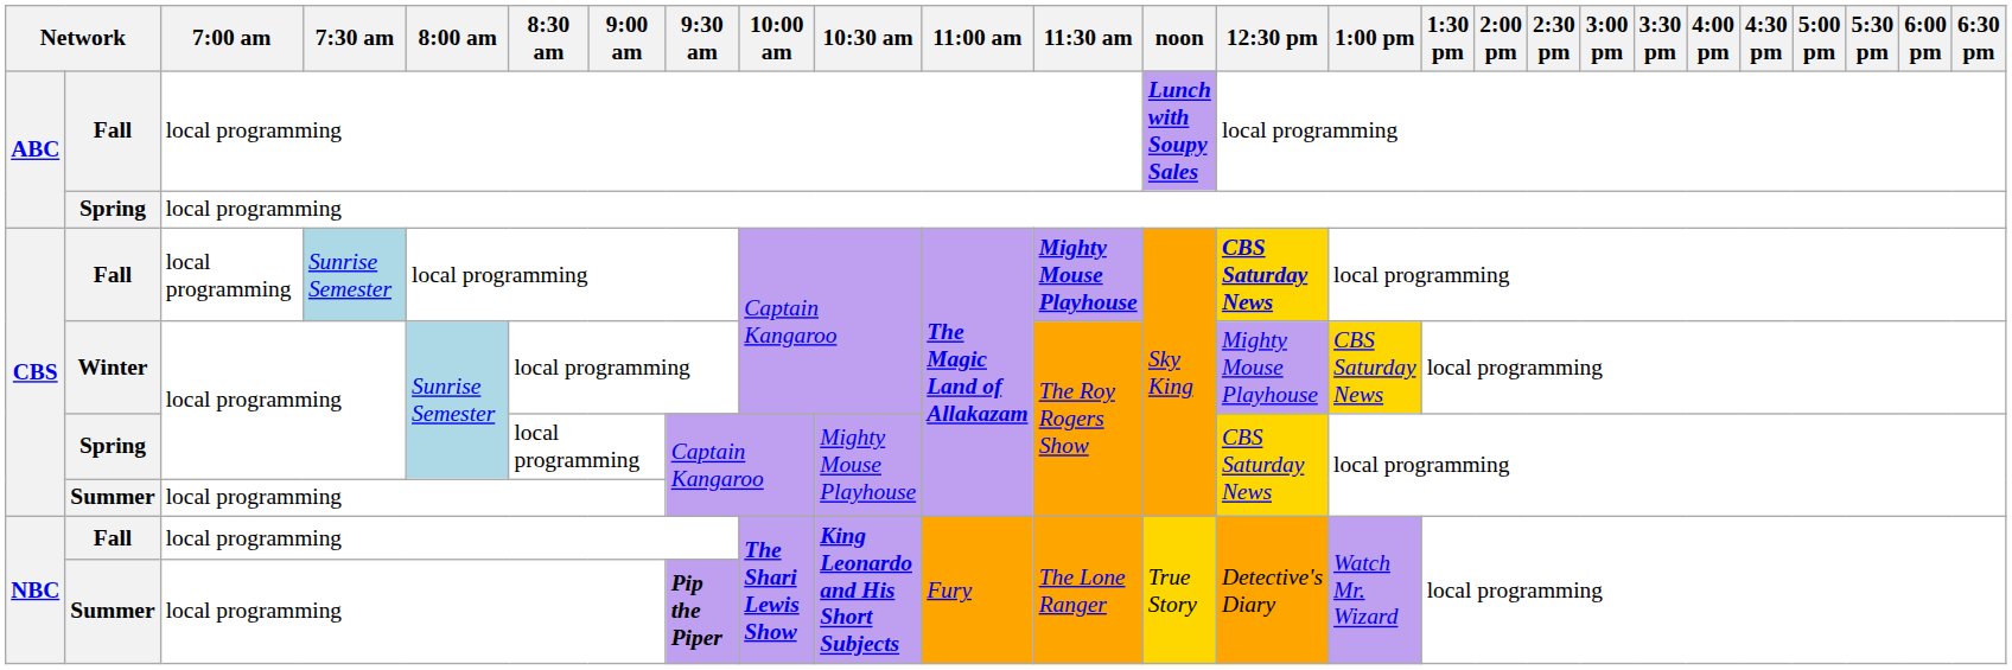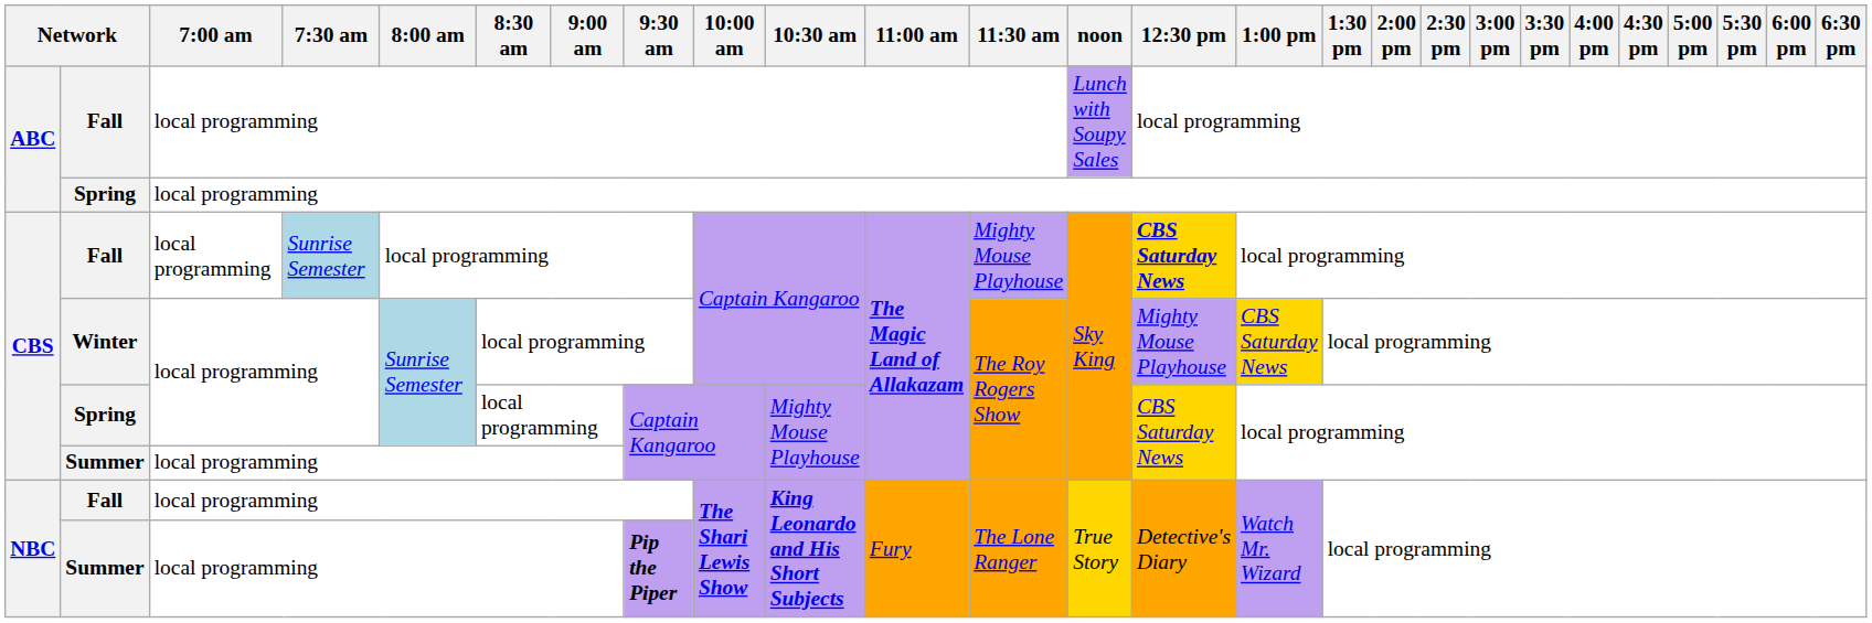 <table class=wikitable style="font-size:90%">
 <tr>
 <th width="1.5%" bgcolor="#C0C0C0" colspan="2">Network</th>
 <th width="13%" bgcolor="#C0C0C0">7:00 am</th>
 <th width="14%" bgcolor="#C0C0C0">7:30 am</th>
 <th width="13%" bgcolor="#C0C0C0">8:00 am</th>
 <th width="14%" bgcolor="#C0C0C0">8:30 am</th>
 <th width="13%" bgcolor="#C0C0C0">9:00 am</th>
 <th width="14%" bgcolor="#C0C0C0">9:30 am</th>
 <th width="13%" bgcolor="#C0C0C0">10:00 am</th>
 <th width="14%" bgcolor="#C0C0C0">10:30 am</th>
 <th width="13%" bgcolor="#C0C0C0">11:00 am</th>
 <th width="14%" bgcolor="#C0C0C0">11:30 am</th>
 <th width="13%" bgcolor="#C0C0C0">noon</th>
 <th width="14%" bgcolor="#C0C0C0">12:30 pm</th>
 <th width="13%" bgcolor="#C0C0C0">1:00 pm</th>
 <th width="14%" bgcolor="#C0C0C0">1:30 pm</th>
 <th width="13%" bgcolor="#C0C0C0">2:00 pm</th>
 <th width="14%" bgcolor="#C0C0C0">2:30 pm</th>
 <th width="13%" bgcolor="#C0C0C0">3:00 pm</th>
 <th width="14%" bgcolor="#C0C0C0">3:30 pm</th>
 <th width="13%" bgcolor="#C0C0C0">4:00 pm</th>
 <th width="14%" bgcolor="#C0C0C0">4:30 pm</th>
 <th width="13%" bgcolor="#C0C0C0">5:00 pm</th>
 <th width="14%" bgcolor="#C0C0C0">5:30 pm</th>
 <th width="13%" bgcolor="#C0C0C0">6:00 pm</th>
 <th width="14%" bgcolor="#C0C0C0">6:30 pm</th>
 </tr>
 <tr>
 <th bgcolor="#C0C0C0" rowspan=2><a href='#'>ABC</a></th>
 <th bgcolor=#C0C0C0>Fall</th>
 <td bgcolor="white" colspan="10">local programming</td>
-<td bgcolor="bf9fef"><strong><em><a href='#'>Lunch with Soupy Sales</a></em></strong></td>
+<td bgcolor="bf9fef"><em><a href='#'>Lunch with Soupy Sales</a></em></td>
 <td bgcolor="white" colspan=13>local programming</td>
 </tr>
 <tr>
 <th bgcolor=#C0C0C0>Spring</th>
 <td bgcolor="white" colspan=24>local programming</td>
 </tr>
 <tr>
 <th bgcolor="#C0C0C0" rowspan=4><a href='#'>CBS</a></th>
 <th bgcolor=#C0C0C0>Fall</th>
 <td bgcolor="white">local programming</td>
 <td bgcolor="lightblue"><em><a href='#'>Sunrise Semester</a></em></td>
 <td bgcolor="white" colspan="4">local programming</td>
 <td bgcolor="bf9fef" colspan="2" rowspan=2><em><a href='#'>Captain Kangaroo</a></em></td>
 <td bgcolor="bf9fef" colspan="1" rowspan=4><strong><em><a href='#'>The Magic Land of Allakazam</a></em></strong></td>
-<td bgcolor="bf9fef"><strong><em><a href='#'>Mighty Mouse Playhouse</a></em></strong></td>
+<td bgcolor="bf9fef"><em><a href='#'>Mighty Mouse Playhouse</a></em></td>
 <td bgcolor="orange" rowspan=4><em><a href='#'>Sky King</a></em> </td>
 <td bgcolor="gold"><strong><em><a href='#'>CBS Saturday News</a></em></strong></td>
 <td bgcolor="white" colspan=12>local programming</td>
 </tr>
 <tr>
 <th bgcolor=#C0C0C0>Winter</th>
 <td bgcolor="white" colspan="2" rowspan=2>local programming</td>
 <td bgcolor="lightblue" rowspan=2><em><a href='#'>Sunrise Semester</a></em></td>
 <td bgcolor="white" colspan="3">local programming</td>
 <td bgcolor="orange" rowspan=3><em><a href='#'>The Roy Rogers Show</a></em> </td>
 <td bgcolor="bf9fef"><em><a href='#'>Mighty Mouse Playhouse</a></em></td>
 <td bgcolor="gold"><em><a href='#'>CBS Saturday News</a></em></td>
 <td bgcolor="white" colspan=11>local programming</td>
 </tr>
 <tr>
 <th bgcolor=#C0C0C0>Spring</th>
 <td bgcolor="white" colspan="2">local programming</td>
 <td bgcolor="bf9fef" colspan="2" rowspan=2><em><a href='#'>Captain Kangaroo</a></em></td>
 <td bgcolor="bf9fef" rowspan=2><em><a href='#'>Mighty Mouse Playhouse</a></em></td>
 <td bgcolor="gold" rowspan=2><em><a href='#'>CBS Saturday News</a></em></td>
 <td bgcolor="white" colspan=13 rowspan=2>local programming</td>
 </tr>
 <tr>
 <th bgcolor=#C0C0C0>Summer</th>
 <td bgcolor="white" colspan=5>local programming</td>
 </tr>
 <tr>
 <th bgcolor="#C0C0C0" rowspan=2><a href='#'>NBC</a></th>
 <th bgcolor=#C0C0C0>Fall</th>
 <td bgcolor="white" colspan="6">local programming</td>
 <td bgcolor="bf9fef" rowspan=2><strong><em><a href='#'>The Shari Lewis Show</a></em></strong></td>
 <td bgcolor="bf9fef" rowspan=2><strong><em><a href='#'>King Leonardo and His Short Subjects</a></em></strong></td>
 <td bgcolor="orange" rowspan=2><em><a href='#'>Fury</a></em> </td>
 <td bgcolor="orange" rowspan=2><em><a href='#'>The Lone Ranger</a></em> </td>
 <td bgcolor="gold" rowspan=2><em>True Story</em></td>
 <td bgcolor="orange" rowspan=2><em>Detective's Diary</em> </td>
 <td bgcolor="bf9fef" rowspan=2><em><a href='#'>Watch Mr. Wizard</a></em></td>
 <td bgcolor="white" colspan=11 rowspan=2>local programming</td>
 </tr>
 <tr>
 <th bgcolor=#C0C0C0>Summer</th>
 <td bgcolor="white" colspan="5">local programming</td>
 <td bgcolor="bf9fef"><strong><em>Pip the Piper</em></strong></td>
 </tr>
 </table>
